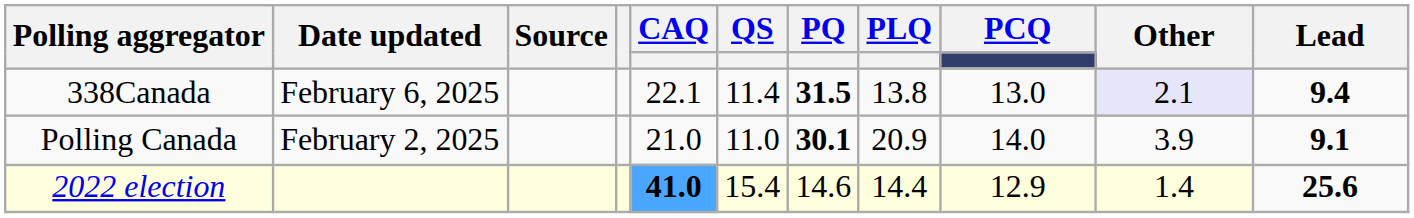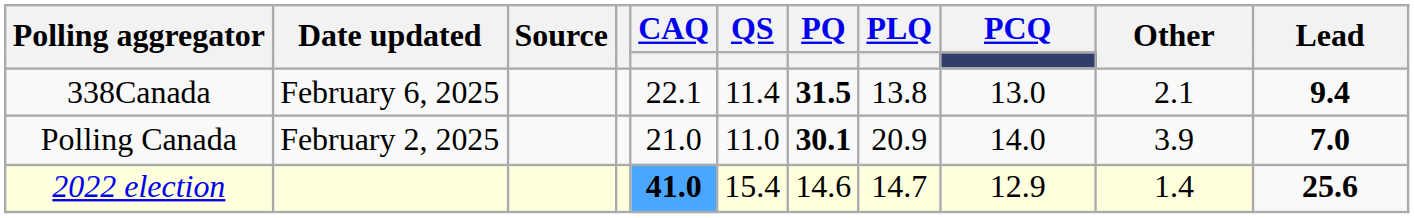 <table class="wikitable sortable mw-datatable" style="text-align:center;font-size:85%;line-height:14px">
 <tr>
 <th rowspan="2">Polling aggregator</th>
 <th rowspan="2">Date updated</th>
 <th rowspan="2">Source</th>
 <th rowspan="2"></th>
 <th><a href='#'>CAQ</a></th>
 <th><a href='#'>QS</a></th>
 <th><a href='#'>PQ</a></th>
 <th><a href='#'>PLQ</a></th>
 <th><a href='#'>PCQ</a></th>
 <th style="width:60px;" rowspan="2">Other</th>
 <th style="width:60px;" rowspan="2">Lead</th>
 </tr>
 <tr class="sorttop">
 <th style="background-color:"></th>
 <th style="background-color:"></th>
 <th style="background-color:"></th>
 <th style="background-color:"></th>
 <th style="background-color:#313E6B; width:60px;"></th>
 </tr>
 <tr>
 <td>338Canada</td>
 <td>February 6, 2025</td>
 <td></td>
 <td></td>
 <td>22.1</td>
 <td>11.4</td>
 <td style="background-color:"><strong>31.5</strong></td>
 <td>13.8</td>
 <td>13.0</td>
-<td style="background: lavender;">2.1</td>
+<td>2.1</td>
 <td style="background-color:"><strong>9.4</strong></td>
 </tr>
 <tr>
 <td>Polling Canada</td>
 <td>February 2, 2025</td>
 <td></td>
 <td></td>
 <td>21.0</td>
 <td>11.0</td>
 <td style="background-color:"><strong>30.1</strong></td>
 <td>20.9</td>
 <td>14.0</td>
 <td>3.9</td>
-<td style="background-color:"><strong>9.1</strong></td>
+<td style="background-color:"><strong>7.0</strong></td>
 </tr>
 <tr>
 <td style="background:#ffd;"><em><a href='#'>2022 election</a></em></td>
 <td style="background:#ffd;"></td>
 <td style="background:#ffd;"></td>
 <td style="background:#ffd;"></td>
 <td style="background-color:#4BA6FF"><strong>41.0</strong></td>
 <td style="background:#ffd;">15.4</td>
 <td style="background:#ffd;">14.6</td>
-<td style="background:#ffd;">14.4</td>
+<td style="background:#ffd;">14.7</td>
 <td style="background:#ffd;">12.9</td>
 <td style="background:#ffd;">1.4</td>
 <td style="background:"><strong>25.6</strong></td>
 </tr>
 </table>
